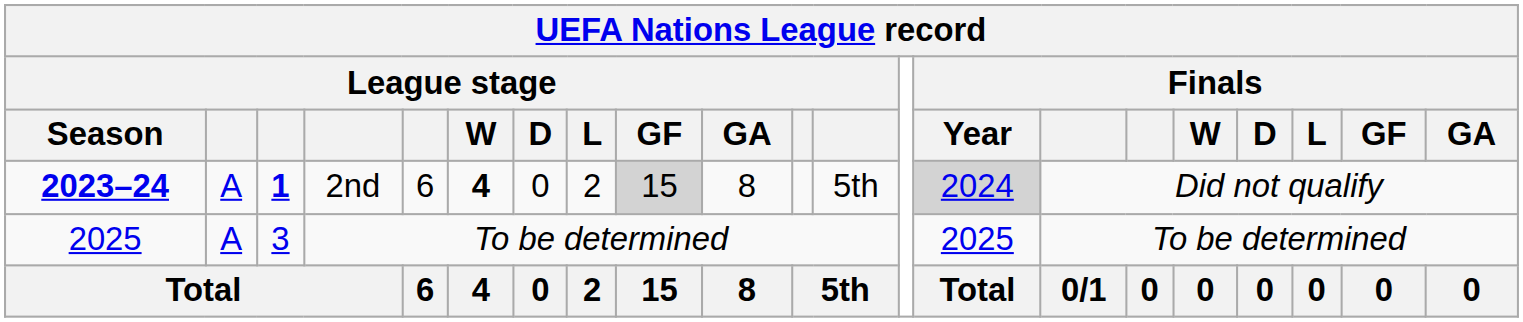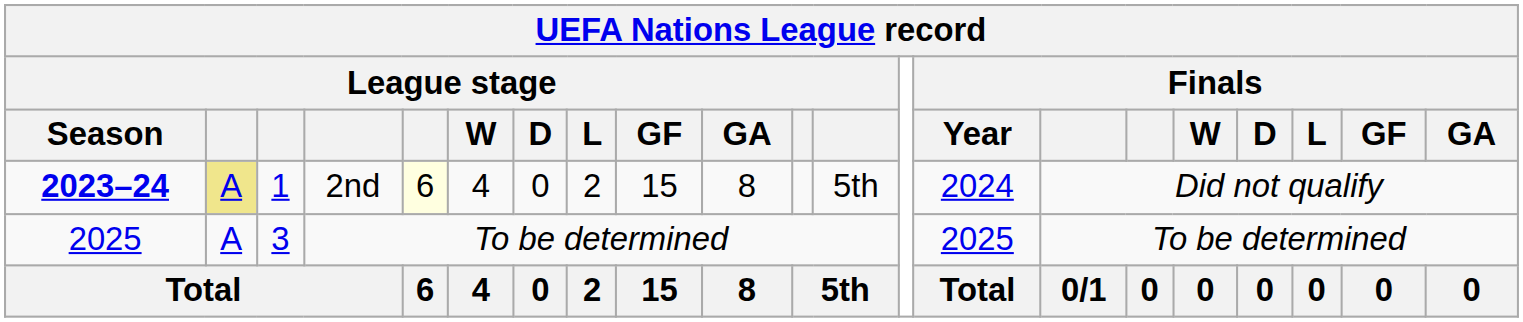 <table class="wikitable" style="text-align:center;">
 <tr>
 <th colspan=21><a href='#'>UEFA Nations League</a> record</th>
 </tr>
 <tr>
 <th colspan=12>League stage</th>
 <th rowspan=5 style="width:1%;background:white"></th>
 <th colspan=8>Finals</th>
 </tr>
 <tr>
 <th>Season</th>
 <th></th>
 <th></th>
 <th></th>
 <th></th>
 <th>W</th>
 <th>D</th>
 <th>L</th>
 <th>GF</th>
 <th>GA</th>
 <th></th>
 <th><br></th>
 <th>Year</th>
 <th></th>
 <th></th>
 <th>W</th>
 <th>D</th>
 <th>L</th>
 <th>GF</th>
 <th>GA</th>
 </tr>
 <tr>
 <td><strong><a href='#'>2023–24</a></strong></td>
-<td><a href='#'>A</a></td>
-<td><strong><a href='#'>1</a></strong></td>
+<td style="background: khaki;"><a href='#'>A</a></td>
+<td><a href='#'>1</a></td>
 <td>2nd</td>
-<td>6</td>
-<td><strong>4</strong></td>
+<td style="background: lightyellow;">6</td>
+<td>4</td>
 <td>0</td>
 <td>2</td>
-<td style="background: lightgrey;">15</td>
+<td>15</td>
 <td>8</td>
 <td></td>
 <td>5th</td>
-<td style="background: lightgrey;"><a href='#'>2024</a></td>
+<td><a href='#'>2024</a></td>
 <td colspan=7><em>Did not qualify</em></td>
 </tr>
 <tr>
 <td><a href='#'>2025</a></td>
 <td><a href='#'>A</a></td>
 <td><a href='#'>3</a></td>
 <td colspan=9><em> To be determined </em></td>
 <td><a href='#'>2025</a></td>
 <td colspan=7><em> To be determined </em></td>
 </tr>
 <tr>
 <th colspan=4>Total</th>
 <th>6</th>
 <th>4</th>
 <th>0</th>
 <th>2</th>
 <th>15</th>
 <th>8</th>
 <th colspan=2>5th</th>
 <th>Total</th>
 <th>0/1</th>
 <th>0</th>
 <th>0</th>
 <th>0</th>
 <th>0</th>
 <th>0</th>
 <th>0</th>
 </tr>
 </table>
